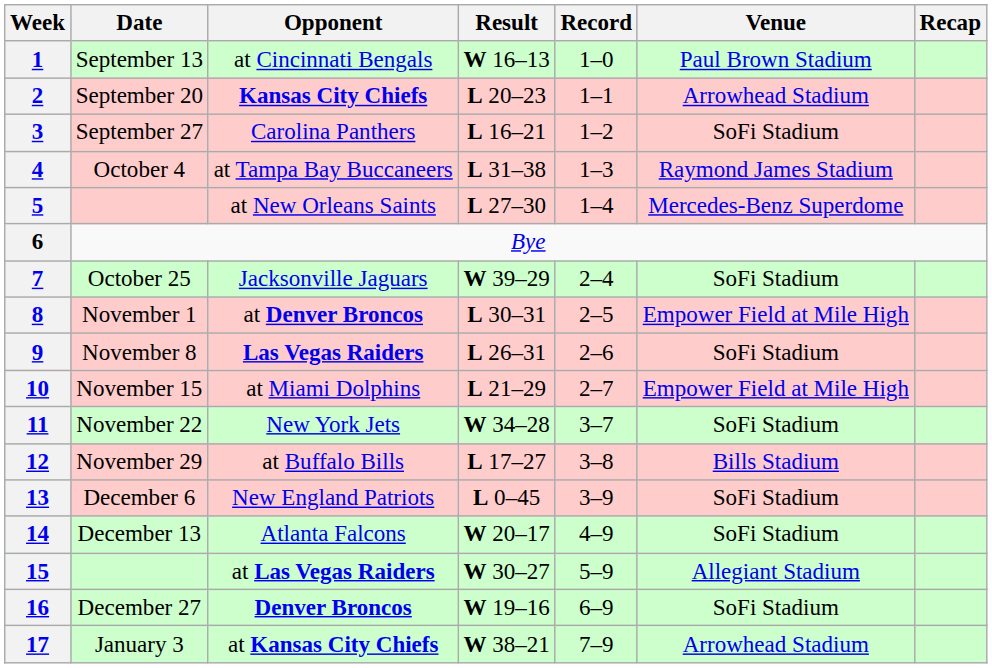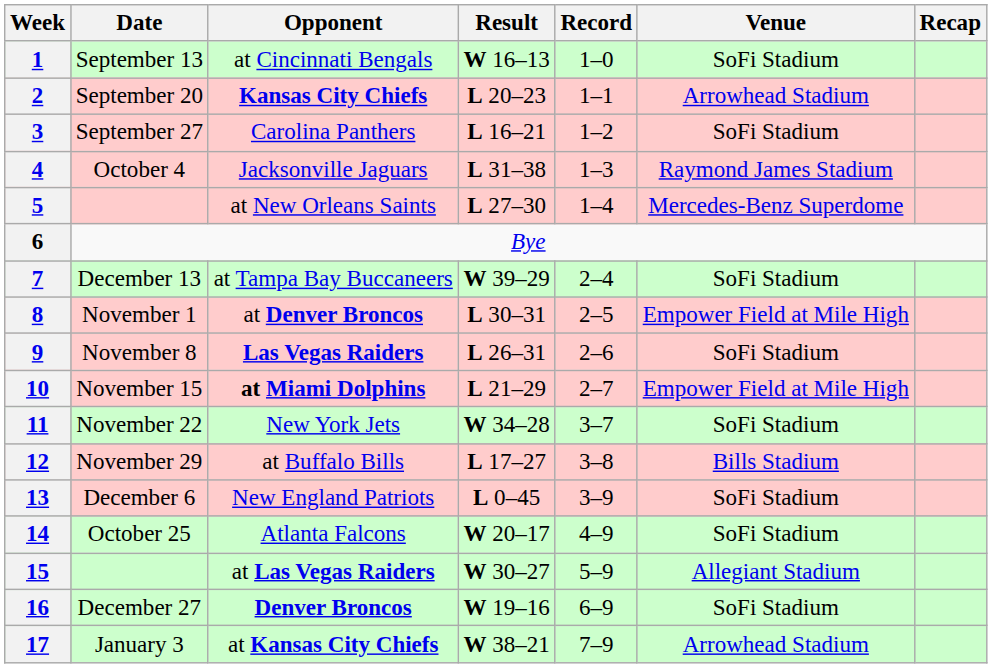 <table class="wikitable" style="text-align:center">
 <tr>
 <th>Week</th>
 <th>Date</th>
 <th>Opponent</th>
 <th>Result</th>
 <th>Record</th>
 <th>Venue</th>
 <th>Recap</th>
 </tr>
 <tr style="background:#cfc">
 <th><a href='#'>1</a></th>
 <td>September 13</td>
 <td>at <a href='#'>Cincinnati Bengals</a></td>
 <td><strong>W</strong> 16–13</td>
 <td>1–0</td>
-<td><a href='#'>Paul Brown Stadium</a></td>
+<td>SoFi Stadium</td>
 <td></td>
 </tr>
 <tr style="background:#fcc">
 <th><a href='#'>2</a></th>
 <td>September 20</td>
 <td><strong><a href='#'>Kansas City Chiefs</a></strong></td>
 <td><strong>L</strong> 20–23 </td>
 <td>1–1</td>
 <td><a href='#'>Arrowhead Stadium</a></td>
 <td></td>
 </tr>
 <tr style="background:#fcc">
 <th><a href='#'>3</a></th>
 <td>September 27</td>
 <td><a href='#'>Carolina Panthers</a></td>
 <td><strong>L</strong> 16–21</td>
 <td>1–2</td>
 <td>SoFi Stadium</td>
 <td></td>
 </tr>
 <tr style="background:#fcc">
 <th><a href='#'>4</a></th>
 <td>October 4</td>
-<td>at <a href='#'>Tampa Bay Buccaneers</a></td>
+<td><a href='#'>Jacksonville Jaguars</a></td>
 <td><strong>L</strong> 31–38</td>
 <td>1–3</td>
 <td><a href='#'>Raymond James Stadium</a></td>
 <td></td>
 </tr>
 <tr style="background:#fcc">
 <th><a href='#'>5</a></th>
 <td></td>
 <td>at <a href='#'>New Orleans Saints</a></td>
 <td><strong>L</strong> 27–30 </td>
 <td>1–4</td>
 <td><a href='#'>Mercedes-Benz Superdome</a></td>
 <td></td>
 </tr>
 <tr>
 <th>6</th>
 <td colspan="6"><em><a href='#'>Bye</a></em></td>
 </tr>
 <tr style="background:#cfc">
 <th><a href='#'>7</a></th>
-<td>October 25</td>
-<td><a href='#'>Jacksonville Jaguars</a></td>
+<td>December 13</td>
+<td>at <a href='#'>Tampa Bay Buccaneers</a></td>
 <td><strong>W</strong> 39–29</td>
 <td>2–4</td>
 <td>SoFi Stadium</td>
 <td></td>
 </tr>
 <tr style="background:#fcc">
 <th><a href='#'>8</a></th>
 <td>November 1</td>
 <td>at <strong><a href='#'>Denver Broncos</a></strong></td>
 <td><strong>L</strong> 30–31</td>
 <td>2–5</td>
 <td><a href='#'>Empower Field at Mile High</a></td>
 <td></td>
 </tr>
 <tr style="background:#fcc">
 <th><a href='#'>9</a></th>
 <td>November 8</td>
 <td><strong><a href='#'>Las Vegas Raiders</a></strong></td>
 <td><strong>L</strong> 26–31</td>
 <td>2–6</td>
 <td>SoFi Stadium</td>
 <td></td>
 </tr>
 <tr style="background:#fcc">
 <th><a href='#'>10</a></th>
 <td>November 15</td>
-<td>at <a href='#'>Miami Dolphins</a></td>
+<td><strong>at <a href='#'>Miami Dolphins</a></strong></td>
 <td><strong>L</strong> 21–29</td>
 <td>2–7</td>
 <td><a href='#'>Empower Field at Mile High</a></td>
 <td></td>
 </tr>
 <tr style="background:#cfc">
 <th><a href='#'>11</a></th>
 <td>November 22</td>
 <td><a href='#'>New York Jets</a></td>
 <td><strong>W</strong> 34–28</td>
 <td>3–7</td>
 <td>SoFi Stadium</td>
 <td></td>
 </tr>
 <tr style="background:#fcc">
 <th><a href='#'>12</a></th>
 <td>November 29</td>
 <td>at <a href='#'>Buffalo Bills</a></td>
 <td><strong>L</strong> 17–27</td>
 <td>3–8</td>
 <td><a href='#'>Bills Stadium</a></td>
 <td></td>
 </tr>
 <tr style="background:#fcc">
 <th><a href='#'>13</a></th>
 <td>December 6</td>
 <td><a href='#'>New England Patriots</a></td>
 <td><strong>L</strong> 0–45</td>
 <td>3–9</td>
 <td>SoFi Stadium</td>
 <td></td>
 </tr>
 <tr style="background:#cfc">
 <th><a href='#'>14</a></th>
-<td>December 13</td>
+<td>October 25</td>
 <td><a href='#'>Atlanta Falcons</a></td>
 <td><strong>W</strong> 20–17</td>
 <td>4–9</td>
 <td>SoFi Stadium</td>
 <td></td>
 </tr>
 <tr style="background:#cfc">
 <th><a href='#'>15</a></th>
 <td></td>
 <td>at <strong><a href='#'>Las Vegas Raiders</a></strong></td>
 <td><strong>W</strong> 30–27 </td>
 <td>5–9</td>
 <td><a href='#'>Allegiant Stadium</a></td>
 <td></td>
 </tr>
 <tr style="background:#cfc">
 <th><a href='#'>16</a></th>
 <td>December 27</td>
 <td><strong><a href='#'>Denver Broncos</a></strong></td>
 <td><strong>W</strong> 19–16</td>
 <td>6–9</td>
 <td>SoFi Stadium</td>
 <td></td>
 </tr>
 <tr style="background:#cfc">
 <th><a href='#'>17</a></th>
 <td>January 3</td>
 <td>at <strong><a href='#'>Kansas City Chiefs</a></strong></td>
 <td><strong>W</strong> 38–21</td>
 <td>7–9</td>
 <td><a href='#'>Arrowhead Stadium</a></td>
 <td></td>
 </tr>
 </table>
